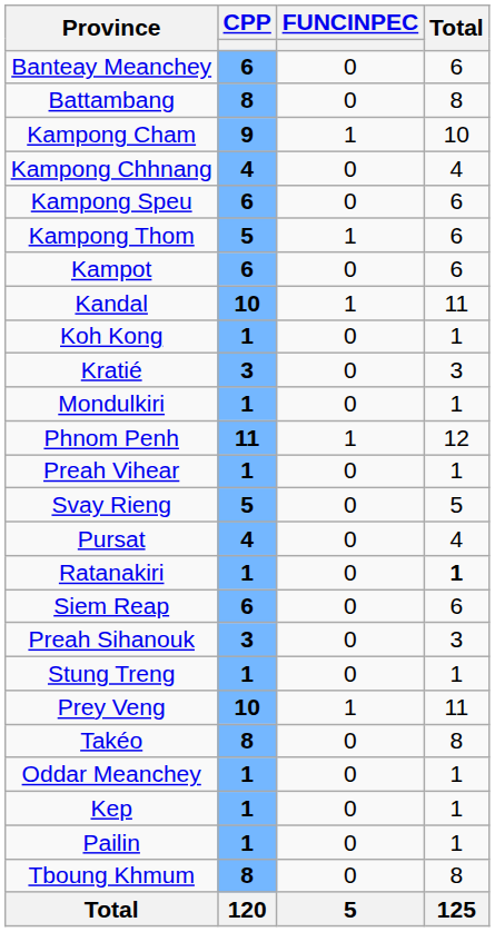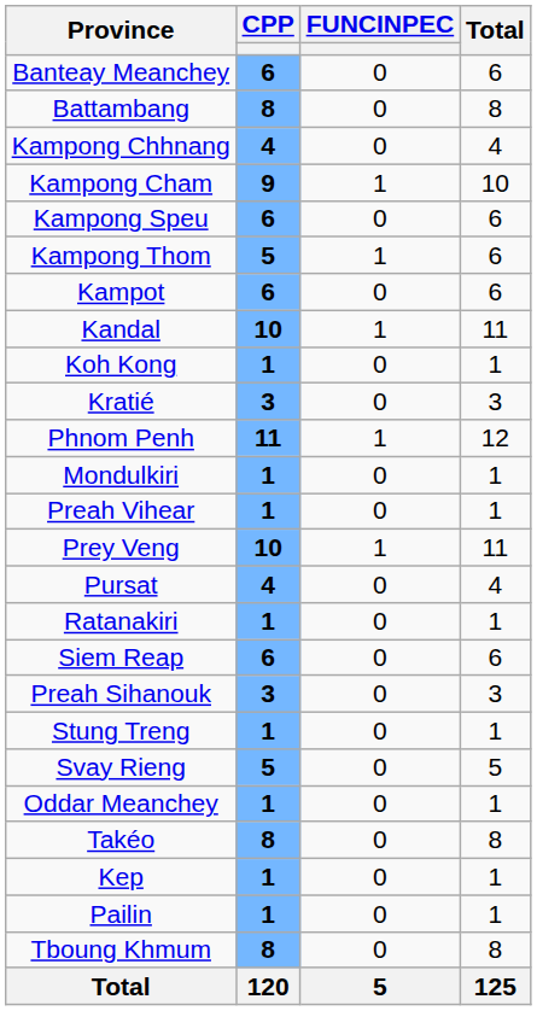 <table class="wikitable sortable" style="text-align:center;font-size:90%;line-height:14px;">
 <tr>
 <th rowspan="2">Province</th>
 <th scope="col"><a href='#'>CPP</a></th>
 <th scope="col"><a href='#'>FUNCINPEC</a></th>
 <th rowspan="2">Total</th>
 </tr>
 <tr>
 <th class="unsortable" scope="col" style="background:"></th>
 <th class="unsortable" scope="col" style="background:"></th>
 </tr>
 <tr>
 <td><a href='#'>Banteay Meanchey</a></td>
 <td style="background:#74B7FF"><strong>6</strong></td>
 <td>0</td>
 <td>6</td>
 </tr>
 <tr>
 <td><a href='#'>Battambang</a></td>
 <td style="background:#74B7FF"><strong>8</strong></td>
 <td>0</td>
 <td>8</td>
 </tr>
 <tr>
+<td><a href='#'>Kampong Chhnang</a></td>
+<td style="background:#74B7FF"><strong>4</strong></td>
+<td>0</td>
+<td>4</td>
+</tr>
+<tr>
 <td><a href='#'>Kampong Cham</a></td>
 <td style="background:#74B7FF"><strong>9</strong></td>
 <td>1</td>
 <td>10</td>
-</tr>
-<tr>
-<td><a href='#'>Kampong Chhnang</a></td>
-<td style="background:#74B7FF"><strong>4</strong></td>
-<td>0</td>
-<td>4</td>
 </tr>
 <tr>
 <td><a href='#'>Kampong Speu</a></td>
 <td style="background:#74B7FF"><strong>6</strong></td>
 <td>0</td>
 <td>6</td>
 </tr>
 <tr>
 <td><a href='#'>Kampong Thom</a></td>
 <td style="background:#74B7FF"><strong>5</strong></td>
 <td>1</td>
 <td>6</td>
 </tr>
 <tr>
 <td><a href='#'>Kampot</a></td>
 <td style="background:#74B7FF"><strong>6</strong></td>
 <td>0</td>
 <td>6</td>
 </tr>
 <tr>
 <td><a href='#'>Kandal</a></td>
 <td style="background:#74B7FF"><strong>10</strong></td>
 <td>1</td>
 <td>11</td>
 </tr>
 <tr>
 <td><a href='#'>Koh Kong</a></td>
 <td style="background:#74B7FF"><strong>1</strong></td>
 <td>0</td>
 <td>1</td>
 </tr>
 <tr>
 <td><a href='#'>Kratié</a></td>
 <td style="background:#74B7FF"><strong>3</strong></td>
 <td>0</td>
 <td>3</td>
 </tr>
 <tr>
+<td><a href='#'>Phnom Penh</a></td>
+<td style="background:#74B7FF"><strong>11</strong></td>
+<td>1</td>
+<td>12</td>
+</tr>
+<tr>
 <td><a href='#'>Mondulkiri</a></td>
 <td style="background:#74B7FF"><strong>1</strong></td>
 <td>0</td>
 <td>1</td>
-</tr>
-<tr>
-<td><a href='#'>Phnom Penh</a></td>
-<td style="background:#74B7FF"><strong>11</strong></td>
-<td>1</td>
-<td>12</td>
 </tr>
 <tr>
 <td><a href='#'>Preah Vihear</a></td>
 <td style="background:#74B7FF"><strong>1</strong></td>
 <td>0</td>
 <td>1</td>
 </tr>
 <tr>
-<td><a href='#'>Svay Rieng</a></td>
-<td style="background:#74B7FF"><strong>5</strong></td>
-<td>0</td>
-<td>5</td>
+<td><a href='#'>Prey Veng</a></td>
+<td style="background:#74B7FF"><strong>10</strong></td>
+<td>1</td>
+<td>11</td>
 </tr>
 <tr>
 <td><a href='#'>Pursat</a></td>
 <td style="background:#74B7FF"><strong>4</strong></td>
 <td>0</td>
 <td>4</td>
 </tr>
 <tr>
 <td><a href='#'>Ratanakiri</a></td>
 <td style="background:#74B7FF"><strong>1</strong></td>
 <td>0</td>
-<td><strong>1</strong></td>
+<td>1</td>
 </tr>
 <tr>
 <td><a href='#'>Siem Reap</a></td>
 <td style="background:#74B7FF"><strong>6</strong></td>
 <td>0</td>
 <td>6</td>
 </tr>
 <tr>
 <td><a href='#'>Preah Sihanouk</a></td>
 <td style="background:#74B7FF"><strong>3</strong></td>
 <td>0</td>
 <td>3</td>
 </tr>
 <tr>
 <td><a href='#'>Stung Treng</a></td>
 <td style="background:#74B7FF"><strong>1</strong></td>
 <td>0</td>
 <td>1</td>
 </tr>
 <tr>
-<td><a href='#'>Prey Veng</a></td>
-<td style="background:#74B7FF"><strong>10</strong></td>
+<td><a href='#'>Svay Rieng</a></td>
+<td style="background:#74B7FF"><strong>5</strong></td>
+<td>0</td>
+<td>5</td>
+</tr>
+<tr>
+<td><a href='#'>Oddar Meanchey</a></td>
+<td style="background:#74B7FF"><strong>1</strong></td>
+<td>0</td>
 <td>1</td>
-<td>11</td>
 </tr>
 <tr>
 <td><a href='#'>Takéo</a></td>
 <td style="background:#74B7FF"><strong>8</strong></td>
 <td>0</td>
 <td>8</td>
-</tr>
-<tr>
-<td><a href='#'>Oddar Meanchey</a></td>
-<td style="background:#74B7FF"><strong>1</strong></td>
-<td>0</td>
-<td>1</td>
 </tr>
 <tr>
 <td><a href='#'>Kep</a></td>
 <td style="background:#74B7FF"><strong>1</strong></td>
 <td>0</td>
 <td>1</td>
 </tr>
 <tr>
 <td><a href='#'>Pailin</a></td>
 <td style="background:#74B7FF"><strong>1</strong></td>
 <td>0</td>
 <td>1</td>
 </tr>
 <tr>
 <td><a href='#'>Tboung Khmum</a></td>
 <td style="background:#74B7FF"><strong>8</strong></td>
 <td>0</td>
 <td>8</td>
 </tr>
 <tr>
 <th>Total</th>
 <th>120</th>
 <th>5</th>
 <th>125</th>
 </tr>
 </table>
